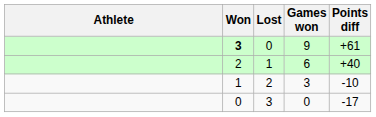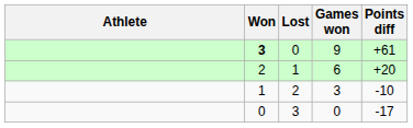 <table class="wikitable">
 <tr>
 <th style="width:18em">Athlete</th>
 <th>Won</th>
 <th>Lost</th>
 <th>Games<br>won</th>
 <th>Points<br>diff</th>
 </tr>
 <tr bgcolor="#ccffcc">
 <td></td>
 <td align="center"><strong>3</strong></td>
 <td align="center">0</td>
 <td align="center">9</td>
 <td align="center">+61</td>
 </tr>
 <tr bgcolor="#ccffcc">
 <td></td>
 <td align="center">2</td>
 <td align="center">1</td>
 <td align="center">6</td>
-<td align="center">+40</td>
+<td align="center">+20</td>
 </tr>
 <tr>
 <td></td>
 <td align="center">1</td>
 <td align="center">2</td>
 <td align="center">3</td>
 <td align="center">-10</td>
 </tr>
 <tr>
 <td></td>
 <td align="center">0</td>
 <td align="center">3</td>
 <td align="center">0</td>
 <td align="center">-17</td>
 </tr>
 </table>
